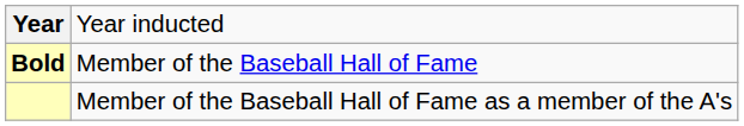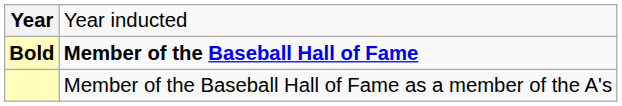 <table class="wikitable">
 <tr>
 <th scope="row">Year</th>
 <td>Year inducted</td>
 </tr>
 <tr>
 <th scope="row" style="background:#ffb;"><strong>Bold</strong></th>
-<td>Member of the <a href='#'>Baseball Hall of Fame</a></td>
+<td><strong>Member of the <a href='#'>Baseball Hall of Fame</a></strong></td>
 </tr>
 <tr>
 <th scope="row" style="background:#ffb;"></th>
 <td>Member of the Baseball Hall of Fame as a member of the A's</td>
 </tr>
 </table>
